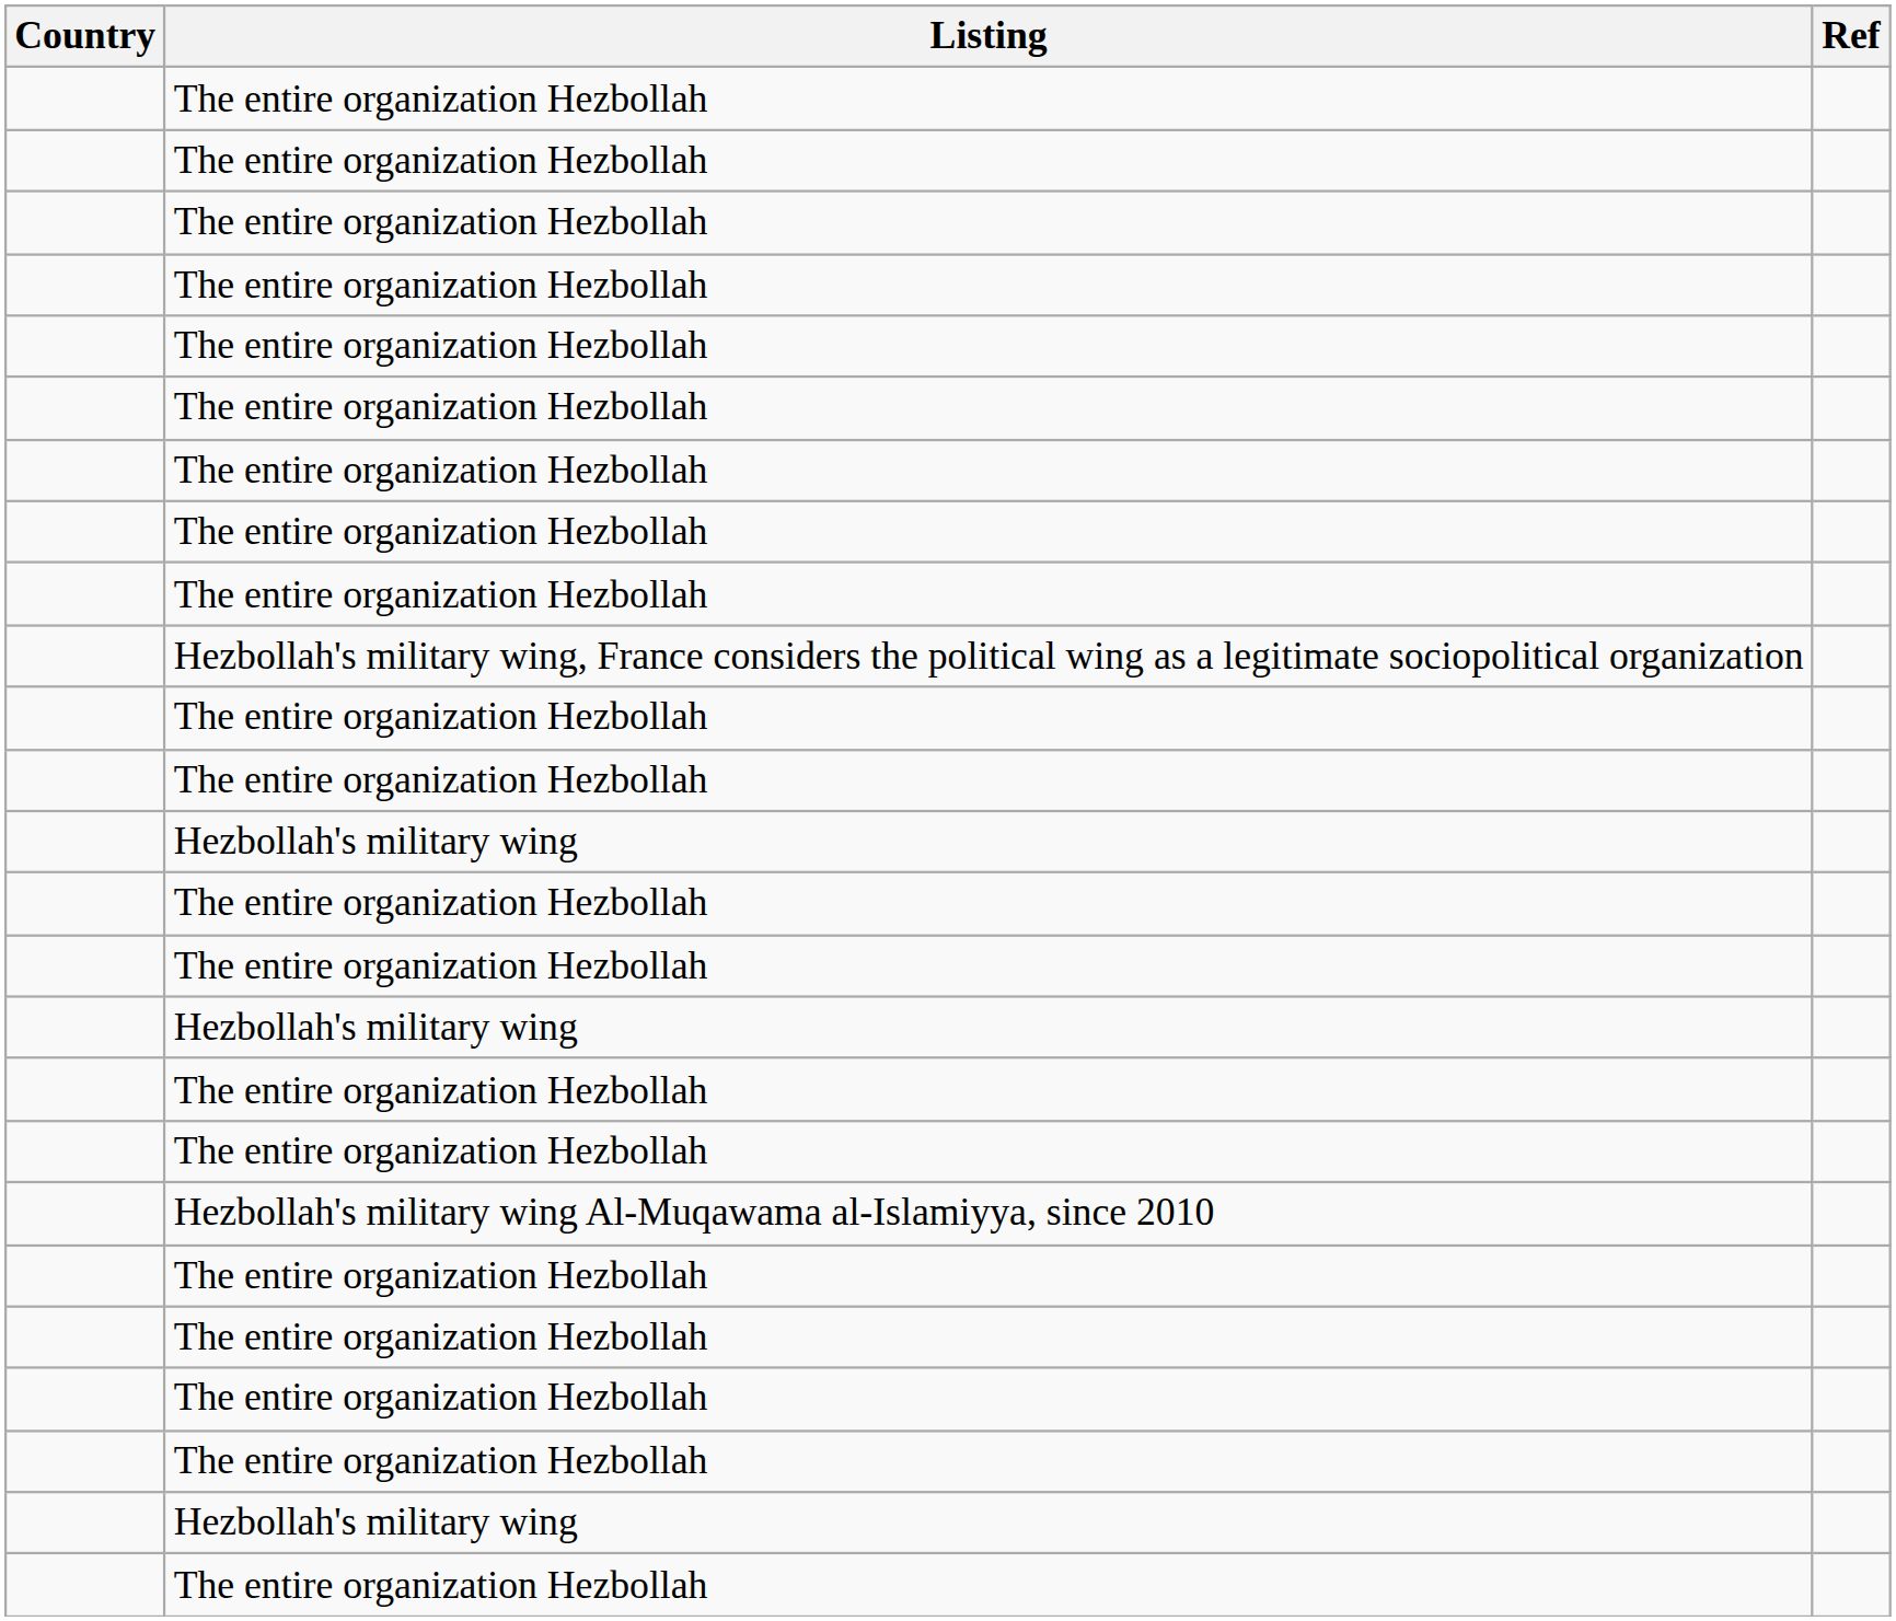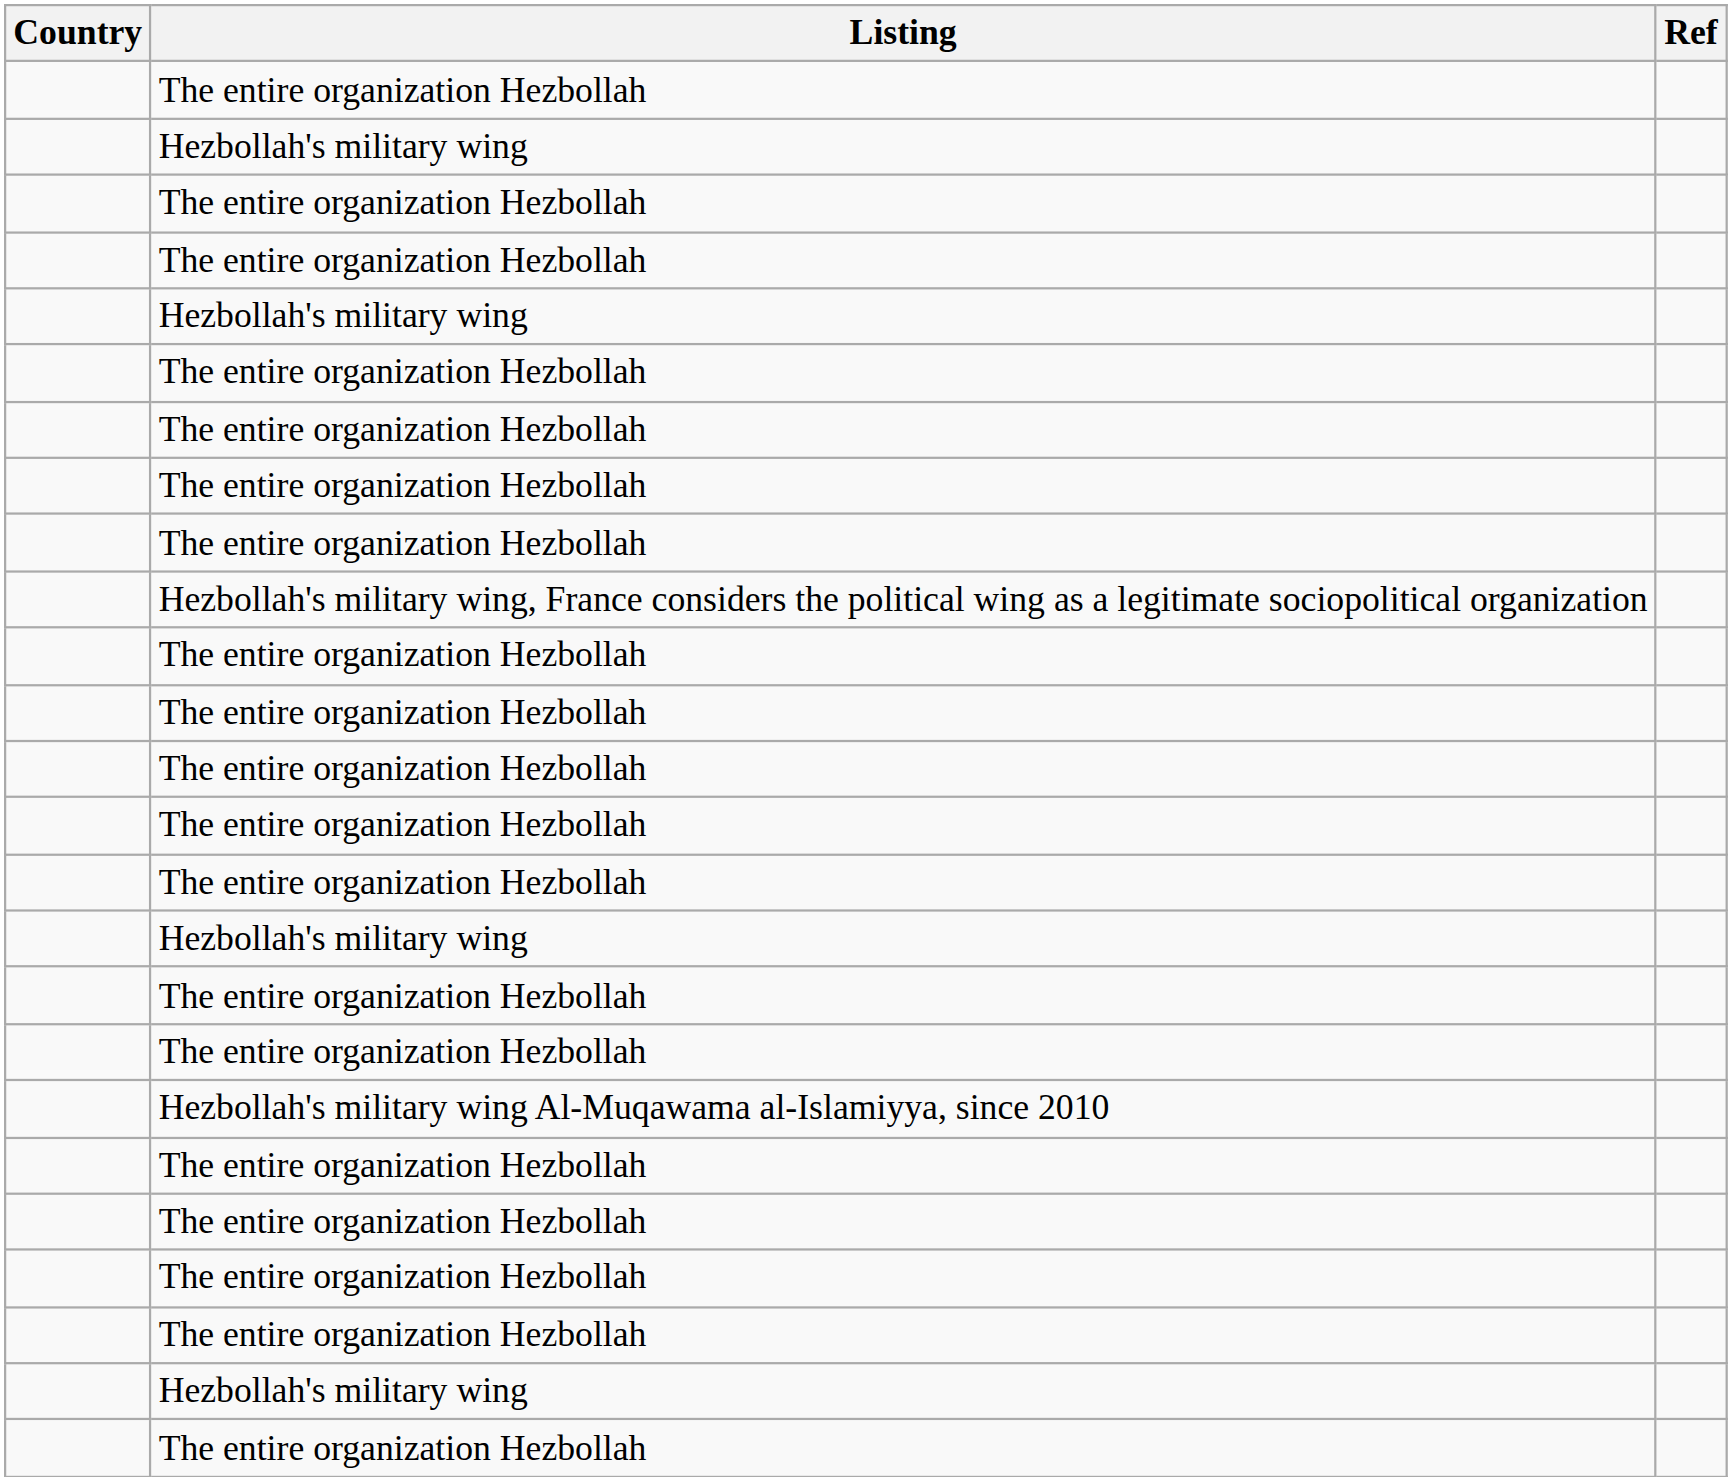 <table class="wikitable sortable" style="text-align:left">
 <tr>
 <th>Country</th>
 <th>Listing</th>
 <th class="unsortable">Ref</th>
 </tr>
 <tr>
 <td></td>
 <td>The entire organization Hezbollah</td>
+<td></td>
+</tr>
+<tr>
+<td></td>
+<td>Hezbollah's military wing</td>
 <td></td>
 </tr>
 <tr>
 <td></td>
 <td>The entire organization Hezbollah</td>
 <td></td>
 </tr>
 <tr>
 <td></td>
 <td>The entire organization Hezbollah</td>
 <td></td>
 </tr>
 <tr>
 <td></td>
-<td>The entire organization Hezbollah</td>
-<td></td>
-</tr>
-<tr>
-<td></td>
-<td>The entire organization Hezbollah</td>
+<td>Hezbollah's military wing</td>
 <td></td>
 </tr>
 <tr>
 <td></td>
 <td>The entire organization Hezbollah</td>
 <td></td>
 </tr>
 <tr>
 <td></td>
 <td>The entire organization Hezbollah</td>
 <td></td>
 </tr>
 <tr>
 <td></td>
 <td>The entire organization Hezbollah</td>
 <td></td>
 </tr>
 <tr>
 <td></td>
 <td>The entire organization Hezbollah</td>
 <td></td>
 </tr>
 <tr>
 <td></td>
 <td>Hezbollah's military wing, France considers the political wing as a legitimate sociopolitical organization</td>
 <td></td>
 </tr>
 <tr>
 <td></td>
 <td>The entire organization Hezbollah</td>
 <td></td>
 </tr>
 <tr>
 <td></td>
 <td>The entire organization Hezbollah</td>
 <td></td>
 </tr>
 <tr>
 <td></td>
-<td>Hezbollah's military wing</td>
+<td>The entire organization Hezbollah</td>
 <td></td>
 </tr>
 <tr>
 <td></td>
 <td>The entire organization Hezbollah</td>
 <td></td>
 </tr>
 <tr>
 <td></td>
 <td>The entire organization Hezbollah</td>
 <td></td>
 </tr>
 <tr>
 <td></td>
 <td>Hezbollah's military wing</td>
 <td></td>
 </tr>
 <tr>
 <td></td>
 <td>The entire organization Hezbollah</td>
 <td></td>
 </tr>
 <tr>
 <td></td>
 <td>The entire organization Hezbollah</td>
 <td></td>
 </tr>
 <tr>
 <td></td>
 <td>Hezbollah's military wing Al-Muqawama al-Islamiyya, since 2010</td>
 <td></td>
 </tr>
 <tr>
 <td></td>
 <td>The entire organization Hezbollah</td>
 <td></td>
 </tr>
 <tr>
 <td></td>
 <td>The entire organization Hezbollah</td>
 <td></td>
 </tr>
 <tr>
 <td></td>
 <td>The entire organization Hezbollah</td>
 <td></td>
 </tr>
 <tr>
 <td></td>
 <td>The entire organization Hezbollah</td>
 <td></td>
 </tr>
 <tr>
 <td></td>
 <td>Hezbollah's military wing</td>
 <td></td>
 </tr>
 <tr>
 <td></td>
 <td>The entire organization Hezbollah</td>
 <td></td>
 </tr>
 </table>
